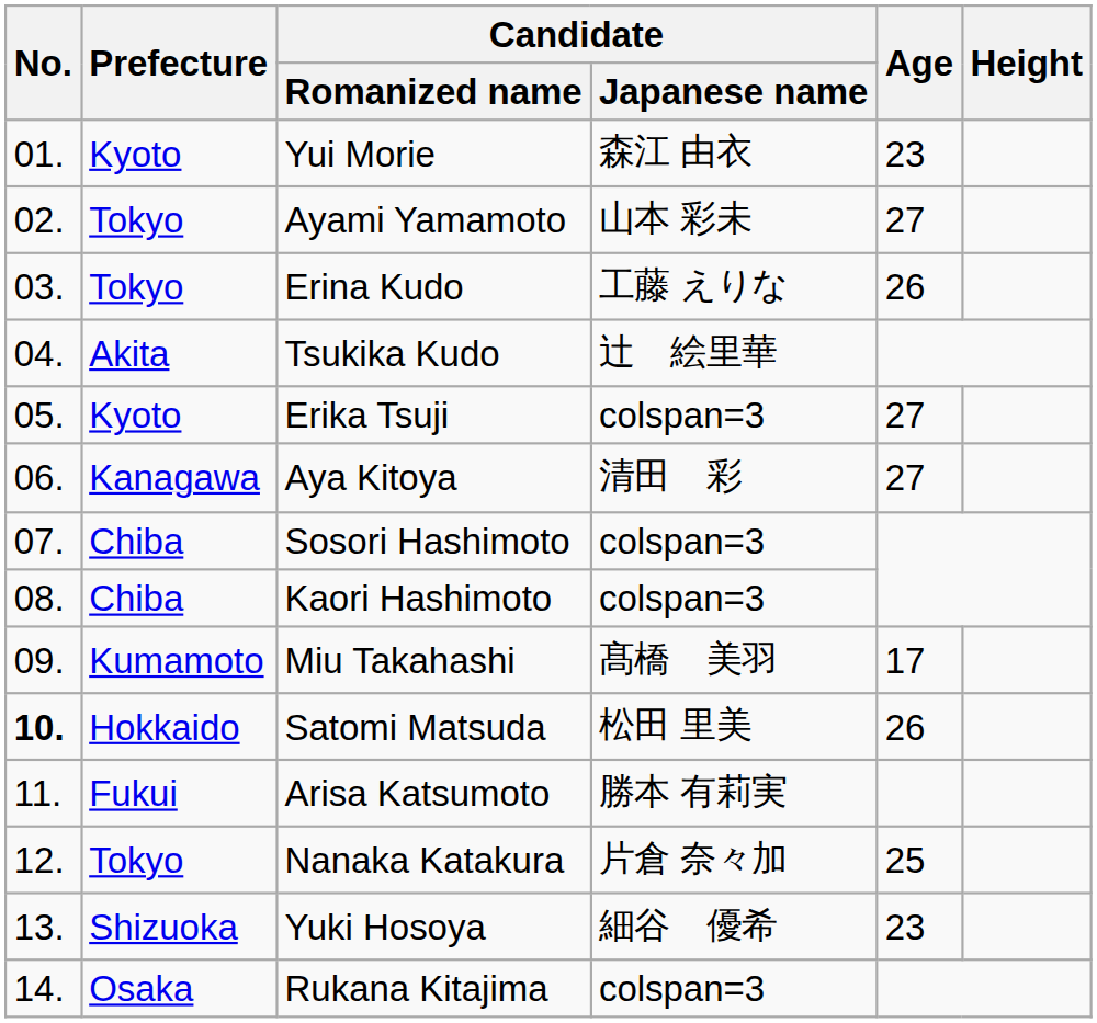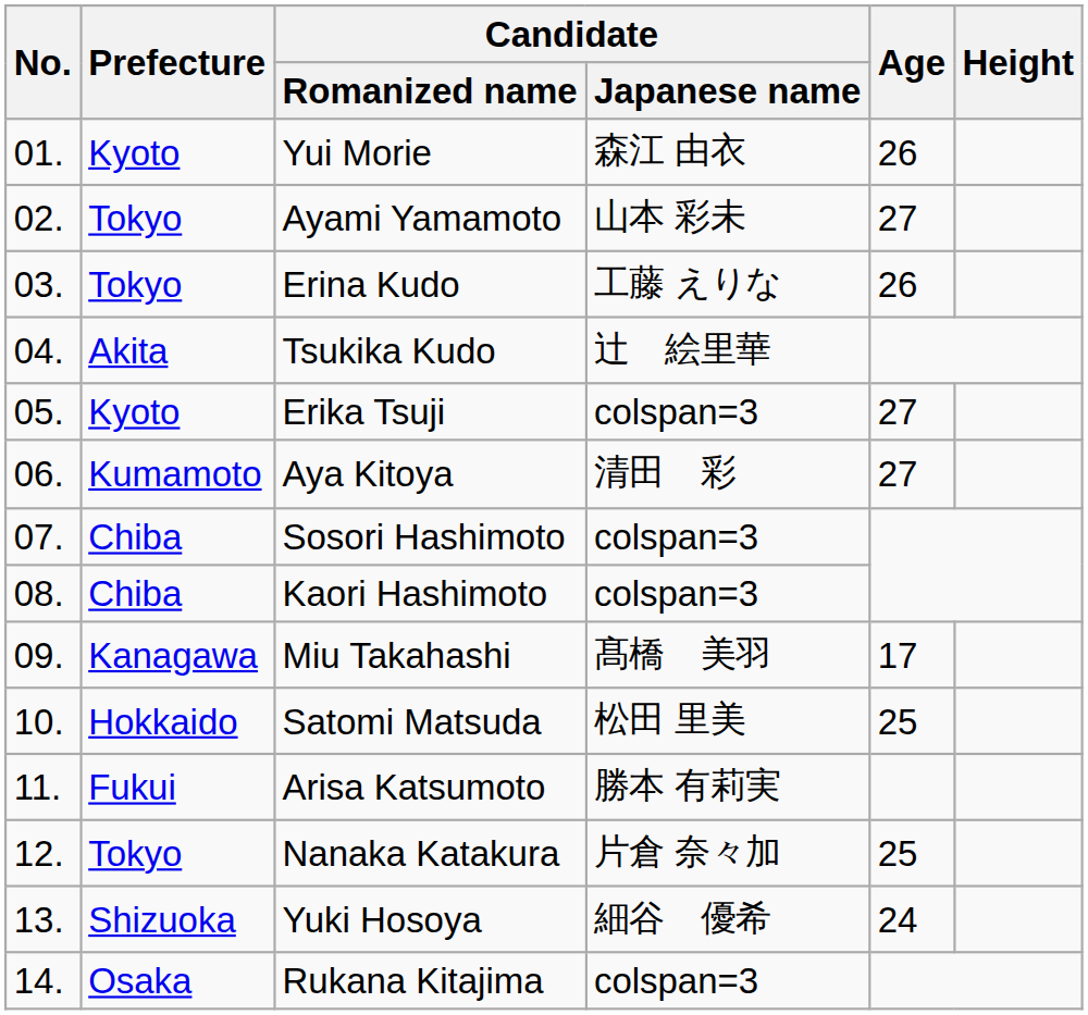 <table class="wikitable" style="font-size: 95%;">
 <tr>
 <th rowspan=2>No.</th>
 <th rowspan=2>Prefecture</th>
 <th colspan=2>Candidate</th>
 <th rowspan=2>Age</th>
 <th rowspan=2>Height</th>
 </tr>
 <tr>
 <th>Romanized name</th>
 <th>Japanese name</th>
 </tr>
 <tr>
 <td>01.</td>
 <td><a href='#'>Kyoto</a></td>
 <td>Yui Morie</td>
 <td>森江 由衣</td>
-<td>23</td>
+<td>26</td>
 <td></td>
 </tr>
 <tr>
 <td>02.</td>
 <td><a href='#'>Tokyo</a></td>
 <td>Ayami Yamamoto</td>
 <td>山本 彩未</td>
 <td>27</td>
 <td></td>
 </tr>
 <tr>
 <td>03.</td>
 <td><a href='#'>Tokyo</a></td>
 <td>Erina Kudo</td>
 <td>工藤 えりな</td>
 <td>26</td>
 <td></td>
 </tr>
 <tr>
 <td>04.</td>
 <td><a href='#'>Akita</a></td>
 <td>Tsukika Kudo</td>
 <td>辻　絵里華</td>
 </tr>
 <tr>
 <td>05.</td>
 <td><a href='#'>Kyoto</a></td>
 <td>Erika Tsuji</td>
 <td>colspan=3 </td>
 <td>27</td>
 <td></td>
 </tr>
 <tr>
 <td>06.</td>
-<td><a href='#'>Kanagawa</a></td>
+<td><a href='#'>Kumamoto</a></td>
 <td>Aya Kitoya</td>
 <td>清田　彩</td>
 <td>27</td>
 <td></td>
 </tr>
 <tr>
 <td>07.</td>
 <td><a href='#'>Chiba</a></td>
 <td>Sosori Hashimoto</td>
 <td>colspan=3 </td>
 </tr>
 <tr>
 <td>08.</td>
 <td><a href='#'>Chiba</a></td>
 <td>Kaori Hashimoto</td>
 <td>colspan=3 </td>
 </tr>
 <tr>
 <td>09.</td>
-<td><a href='#'>Kumamoto</a></td>
+<td><a href='#'>Kanagawa</a></td>
 <td>Miu Takahashi</td>
 <td>髙橋　美羽</td>
 <td>17</td>
 <td></td>
 </tr>
 <tr>
-<td><strong>10.</strong></td>
+<td>10.</td>
 <td><a href='#'>Hokkaido</a></td>
 <td>Satomi Matsuda</td>
 <td>松田 里美</td>
-<td>26</td>
+<td>25</td>
 <td></td>
 </tr>
 <tr>
 <td>11.</td>
 <td><a href='#'>Fukui</a></td>
 <td>Arisa Katsumoto</td>
 <td>勝本 有莉実</td>
 <td></td>
 <td></td>
 </tr>
 <tr>
 <td>12.</td>
 <td><a href='#'>Tokyo</a></td>
 <td>Nanaka Katakura</td>
 <td>片倉 奈々加</td>
 <td>25</td>
 <td></td>
 </tr>
 <tr>
 <td>13.</td>
 <td><a href='#'>Shizuoka</a></td>
 <td>Yuki Hosoya</td>
 <td>細谷　優希</td>
-<td>23</td>
+<td>24</td>
 <td></td>
 </tr>
 <tr>
 <td>14.</td>
 <td><a href='#'>Osaka</a></td>
 <td>Rukana Kitajima</td>
 <td>colspan=3 </td>
 </tr>
 </table>
